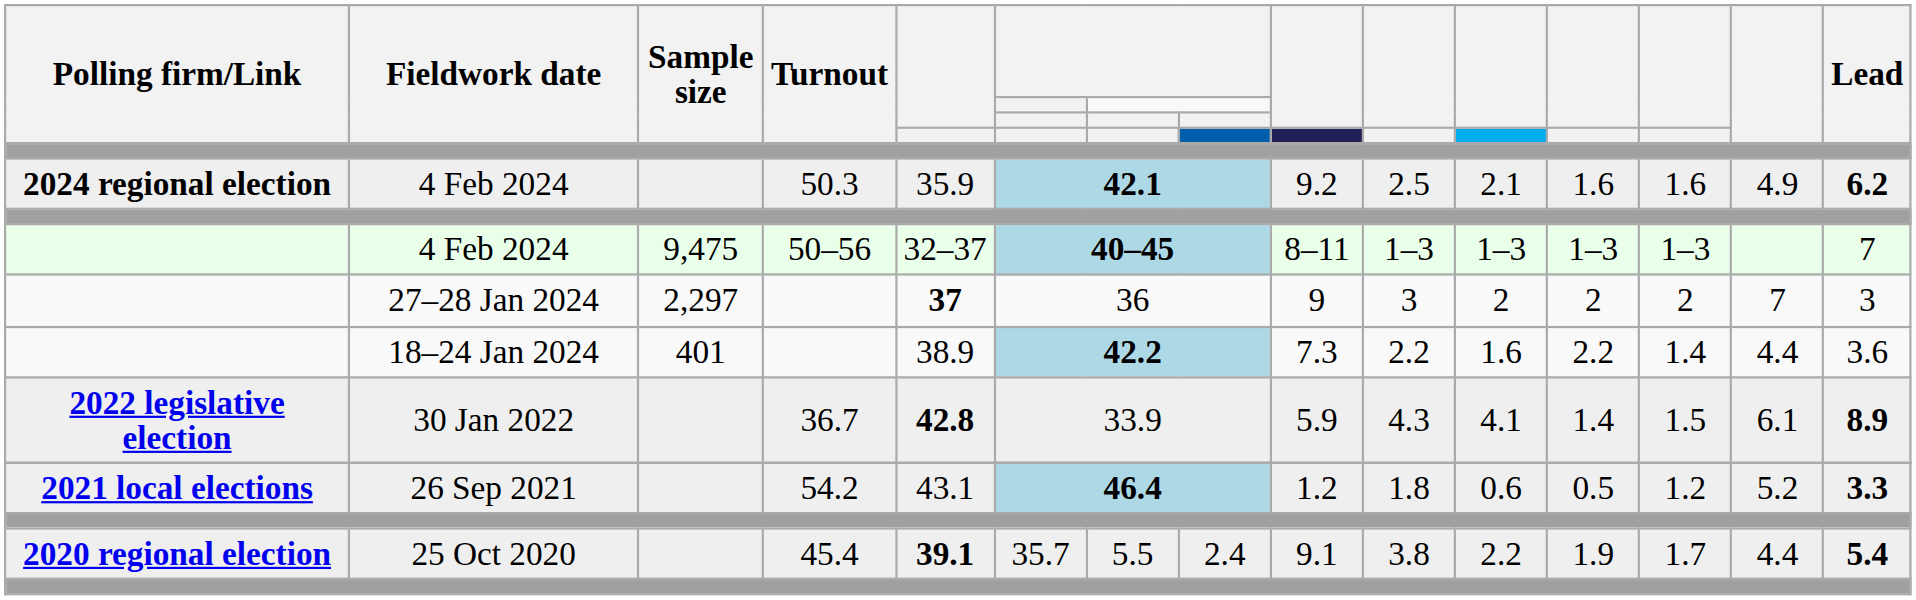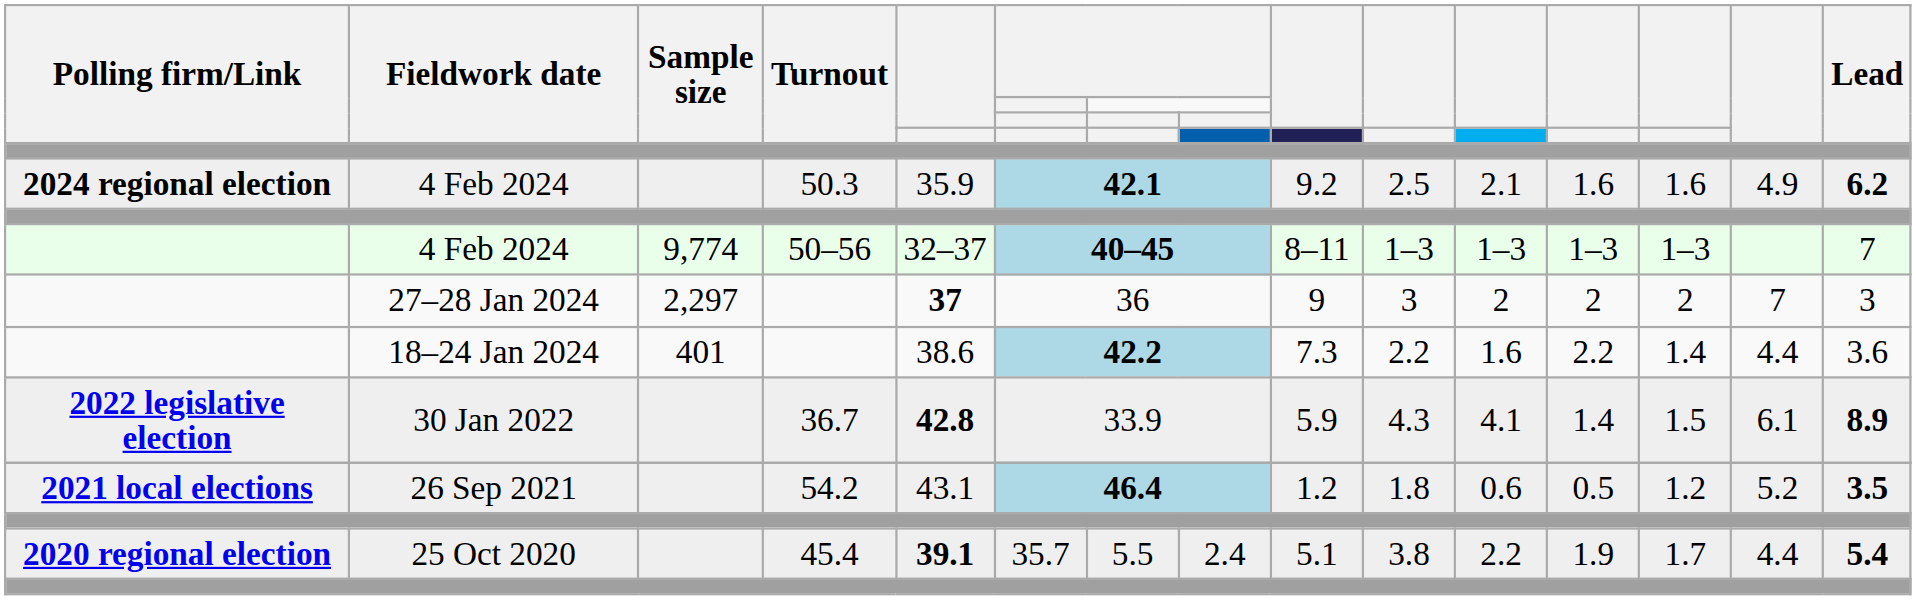 <table class="wikitable collapsible sortable" style="text-align:center; font-size:95%; line-height:16px;">
 <tr style="height:42px;">
 <th style="width:150px;" rowspan="4">Polling firm/Link</th>
 <th style="width:125px;" rowspan="4">Fieldwork date</th>
 <th class="unsortable" style="width:50px;" rowspan="4">Sample size</th>
 <th class="unsortable" style="width:45px;" rowspan="4">Turnout</th>
 <th class="unsortable" style="width:38px;" rowspan="3"></th>
 <th class="unsortable" style="width:35px;" colspan="3"></th>
 <th class="unsortable" style="width:35px;"rowspan="3"></th>
 <th class="unsortable" style="width:35px;"rowspan="3"></th>
 <th class="unsortable" style="width:35px;"rowspan="3"></th>
 <th class="unsortable" style="width:35px;"rowspan="3"></th>
 <th rowspan="3" class="sortable" style="width:35px;"></th>
 <th rowspan="4" class="unsortable" style="width:35px;"></th>
 <th class="unsortable" style="width:30px;" rowspan="4">Lead</th>
 </tr>
 <tr>
 <th class="unsortable" style="background:"></th>
 </tr>
 <tr>
 <th class="unsortable" style="width:35px;"></th>
 <th class="unsortable" style="width:35px;"></th>
 <th class="unsortable" style="width:35px;"></th>
 </tr>
 <tr>
 <th class="unsortable" style="color:inherit;background:"></th>
 <th class="unsortable" style="color:inherit;background:"></th>
 <th class="unsortable" style="color:inherit;background:"></th>
 <th class="unsortable" style="color:inherit;background:#005FAD;"></th>
 <th class="unsortable" style="color:inherit;background:#202056;"></th>
 <th class="unsortable" style="color:inherit;background:"></th>
 <th class="unsortable" style="color:inherit;background:#00ADEF;"></th>
 <th class="unsortable" style="color:inherit;background:"></th>
 <th class="sortable" style="background:"></th>
 </tr>
 <tr>
 <td colspan="20" style="background:#A0A0A0"></td>
 </tr>
 <tr style="background:#EFEFEF;">
 <td><strong>2024 regional election</strong></td>
 <td data-sort-value="2015-03-29">4 Feb 2024</td>
 <td></td>
 <td>50.3</td>
 <td>35.9<br></td>
 <td style="background:lightblue" colspan="3"><strong>42.1</strong><br></td>
 <td>9.2<br></td>
 <td>2.5<br></td>
 <td>2.1<br></td>
 <td>1.6<br></td>
 <td>1.6<br></td>
 <td>4.9<br></td>
 <td style="background:"><strong>6.2</strong></td>
 </tr>
 <tr>
 <td colspan="20" style="background:#A0A0A0"></td>
 </tr>
 <tr style="background:#EAFFEA"|>
 <td></td>
 <td data-sort-value="2019-09-29">4 Feb 2024</td>
-<td>9,475</td>
+<td>9,774</td>
 <td>50–56</td>
 <td>32–37<br></td>
 <td style="background:lightblue" colspan="3"><strong>40–45</strong><br></td>
 <td>8–11<br></td>
 <td>1–3<br></td>
 <td>1–3<br></td>
 <td>1–3<br></td>
 <td>1–3<br></td>
 <td></td>
 <td style="background:">7</td>
 </tr>
 <tr>
 <td></td>
 <td data-sort-value="2022-01-30">27–28 Jan 2024</td>
 <td>2,297</td>
 <td></td>
 <td><strong>37</strong><br></td>
 <td colspan="3">36<br></td>
 <td>9<br></td>
 <td>3<br></td>
 <td>2<br></td>
 <td>2<br></td>
 <td>2<br></td>
 <td>7<br></td>
 <td style="background:">3</td>
 </tr>
 <tr>
 <td></td>
 <td data-sort-value="2022-01-30">18–24 Jan 2024</td>
 <td>401</td>
 <td></td>
-<td>38.9</td>
+<td>38.6</td>
 <td style="background:lightblue" colspan="3"><strong>42.2</strong></td>
 <td>7.3</td>
 <td>2.2</td>
 <td>1.6</td>
 <td>2.2</td>
 <td>1.4</td>
 <td>4.4</td>
 <td style="background:">3.6</td>
 </tr>
 <tr style="background:#EFEFEF;">
 <td><strong><a href='#'>2022 legislative election</a></strong></td>
 <td data-sort-value="2022-01-30">30 Jan 2022</td>
 <td></td>
 <td>36.7</td>
 <td><strong>42.8</strong></td>
 <td colspan="3">33.9</td>
 <td>5.9</td>
 <td>4.3</td>
 <td>4.1</td>
 <td>1.4</td>
 <td>1.5</td>
 <td>6.1</td>
 <td style="background:"><strong>8.9</strong></td>
 </tr>
 <tr>
 </tr>
 <tr style="background:#EFEFEF;">
 <td><strong><a href='#'>2021 local elections</a></strong></td>
 <td data-sort-value="2019-10-06">26 Sep 2021</td>
 <td></td>
 <td>54.2</td>
 <td>43.1</td>
 <td style="background:lightblue" colspan="3"><strong>46.4</strong></td>
 <td>1.2</td>
 <td>1.8</td>
 <td>0.6</td>
 <td>0.5</td>
 <td>1.2</td>
 <td>5.2</td>
-<td style="background:"><strong>3.3</strong></td>
+<td style="background:"><strong>3.5</strong></td>
 </tr>
 <tr>
 <td colspan="20" style="background:#A0A0A0"></td>
 </tr>
 <tr style="background:#EFEFEF;">
 <td><strong><a href='#'>2020 regional election</a></strong></td>
 <td data-sort-value="2015-03-29">25 Oct 2020</td>
 <td></td>
 <td>45.4</td>
 <td><strong>39.1</strong><br></td>
 <td>35.7<br></td>
 <td>5.5<br></td>
 <td>2.4<br></td>
-<td>9.1<br></td>
+<td>5.1<br></td>
 <td>3.8<br></td>
 <td>2.2<br></td>
 <td>1.9<br></td>
 <td>1.7<br></td>
 <td>4.4<br></td>
 <td style="background:"><strong>5.4</strong></td>
 </tr>
 <tr>
 <td colspan="20" style="background:#A0A0A0"></td>
 </tr>
 </table>
